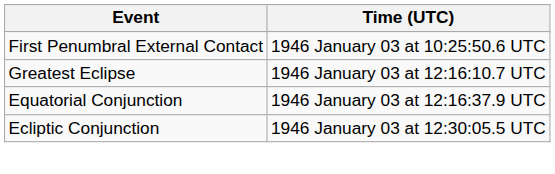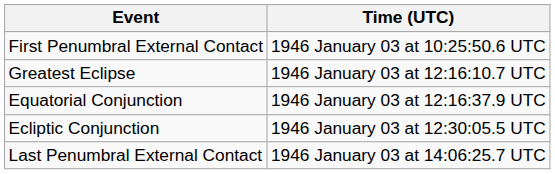 <table class="wikitable">
 <tr>
 <th>Event</th>
 <th>Time (UTC)</th>
 </tr>
 <tr>
 <td>First Penumbral External Contact</td>
 <td>1946 January 03 at 10:25:50.6 UTC</td>
 </tr>
 <tr>
 <td>Greatest Eclipse</td>
 <td>1946 January 03 at 12:16:10.7 UTC</td>
 </tr>
 <tr>
 <td>Equatorial Conjunction</td>
 <td>1946 January 03 at 12:16:37.9 UTC</td>
 </tr>
 <tr>
 <td>Ecliptic Conjunction</td>
 <td>1946 January 03 at 12:30:05.5 UTC</td>
 </tr>
+<tr>
+<td>Last Penumbral External Contact</td>
+<td>1946 January 03 at 14:06:25.7 UTC</td>
+</tr>
 </table>
